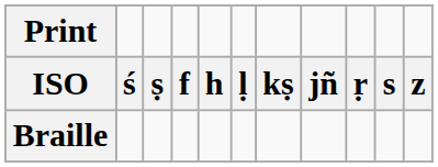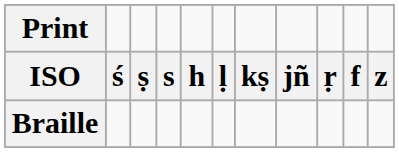 <table class="wikitable">
 <tr>
 <th>Print</th>
 <td></td>
 <td></td>
 <td></td>
 <td></td>
 <td></td>
 <td></td>
 <td></td>
 <td></td>
 <td></td>
 <td></td>
 </tr>
 <tr>
 <th>ISO</th>
 <th>ś</th>
 <th>ṣ</th>
-<th>f</th>
+<th>s</th>
 <th>h</th>
 <th>ḷ</th>
 <th>kṣ</th>
 <th>jñ</th>
 <th>ṛ</th>
-<th>s</th>
+<th>f</th>
 <th>z</th>
 </tr>
 <tr>
 <th>Braille</th>
 <td></td>
 <td></td>
 <td></td>
 <td></td>
 <td></td>
 <td></td>
 <td></td>
 <td></td>
 <td></td>
 <td></td>
 </tr>
 </table>
